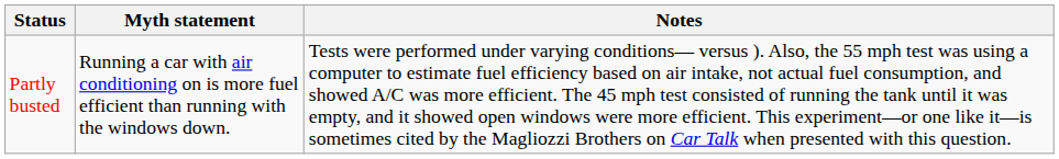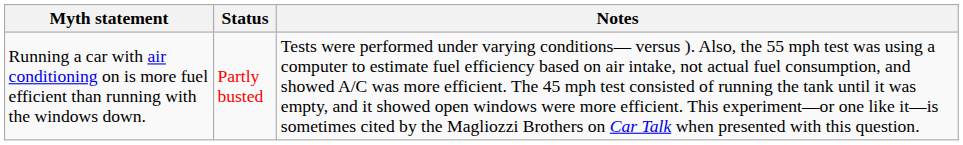 <table class="wikitable plainrowheaders">
 <tr>
+<th>Myth statement</th>
 <th>Status</th>
-<th>Myth statement</th>
 <th>Notes</th>
 </tr>
 <tr>
+<td>Running a car with <a href='#'>air conditioning</a> on is more fuel efficient than running with the windows down.</td>
 <td style="color:red">Partly busted</td>
-<td>Running a car with <a href='#'>air conditioning</a> on is more fuel efficient than running with the windows down.</td>
 <td>Tests were performed under varying conditions— versus ). Also, the 55 mph test was using a computer to estimate fuel efficiency based on air intake, not actual fuel consumption, and showed A/C was more efficient. The 45 mph test consisted of running the tank until it was empty, and it showed open windows were more efficient. This experiment—or one like it—is sometimes cited by the Magliozzi Brothers on <em><a href='#'>Car Talk</a></em> when presented with this question.</td>
 </tr>
 </table>
